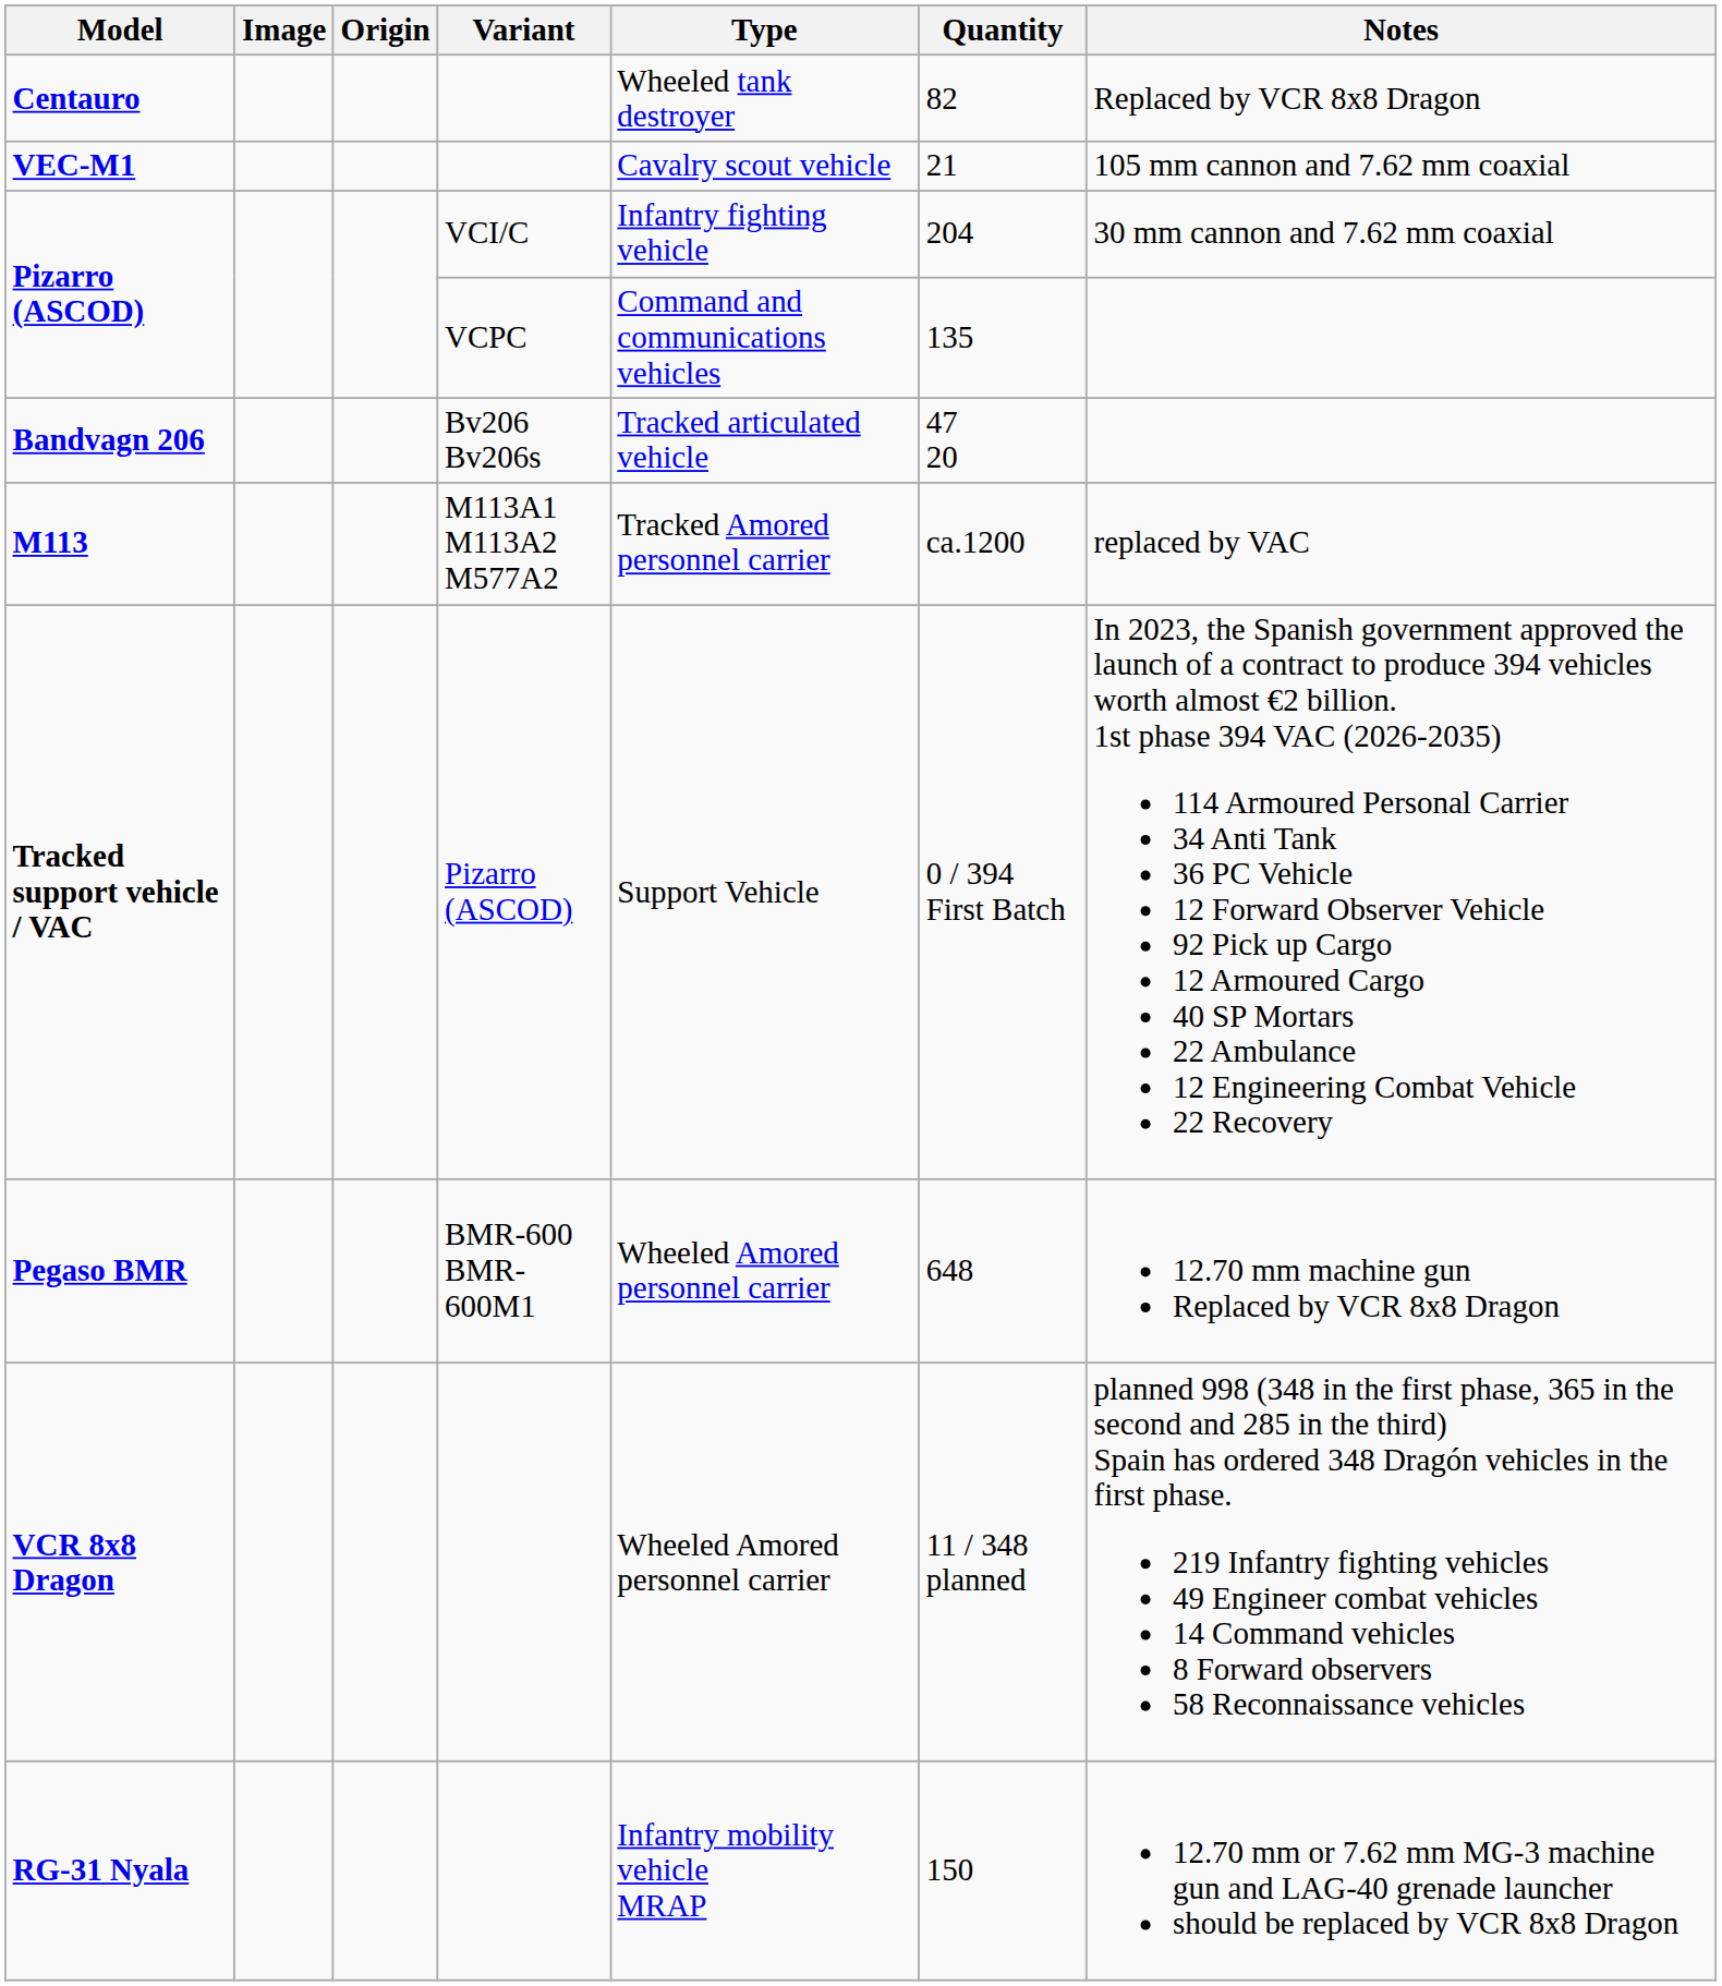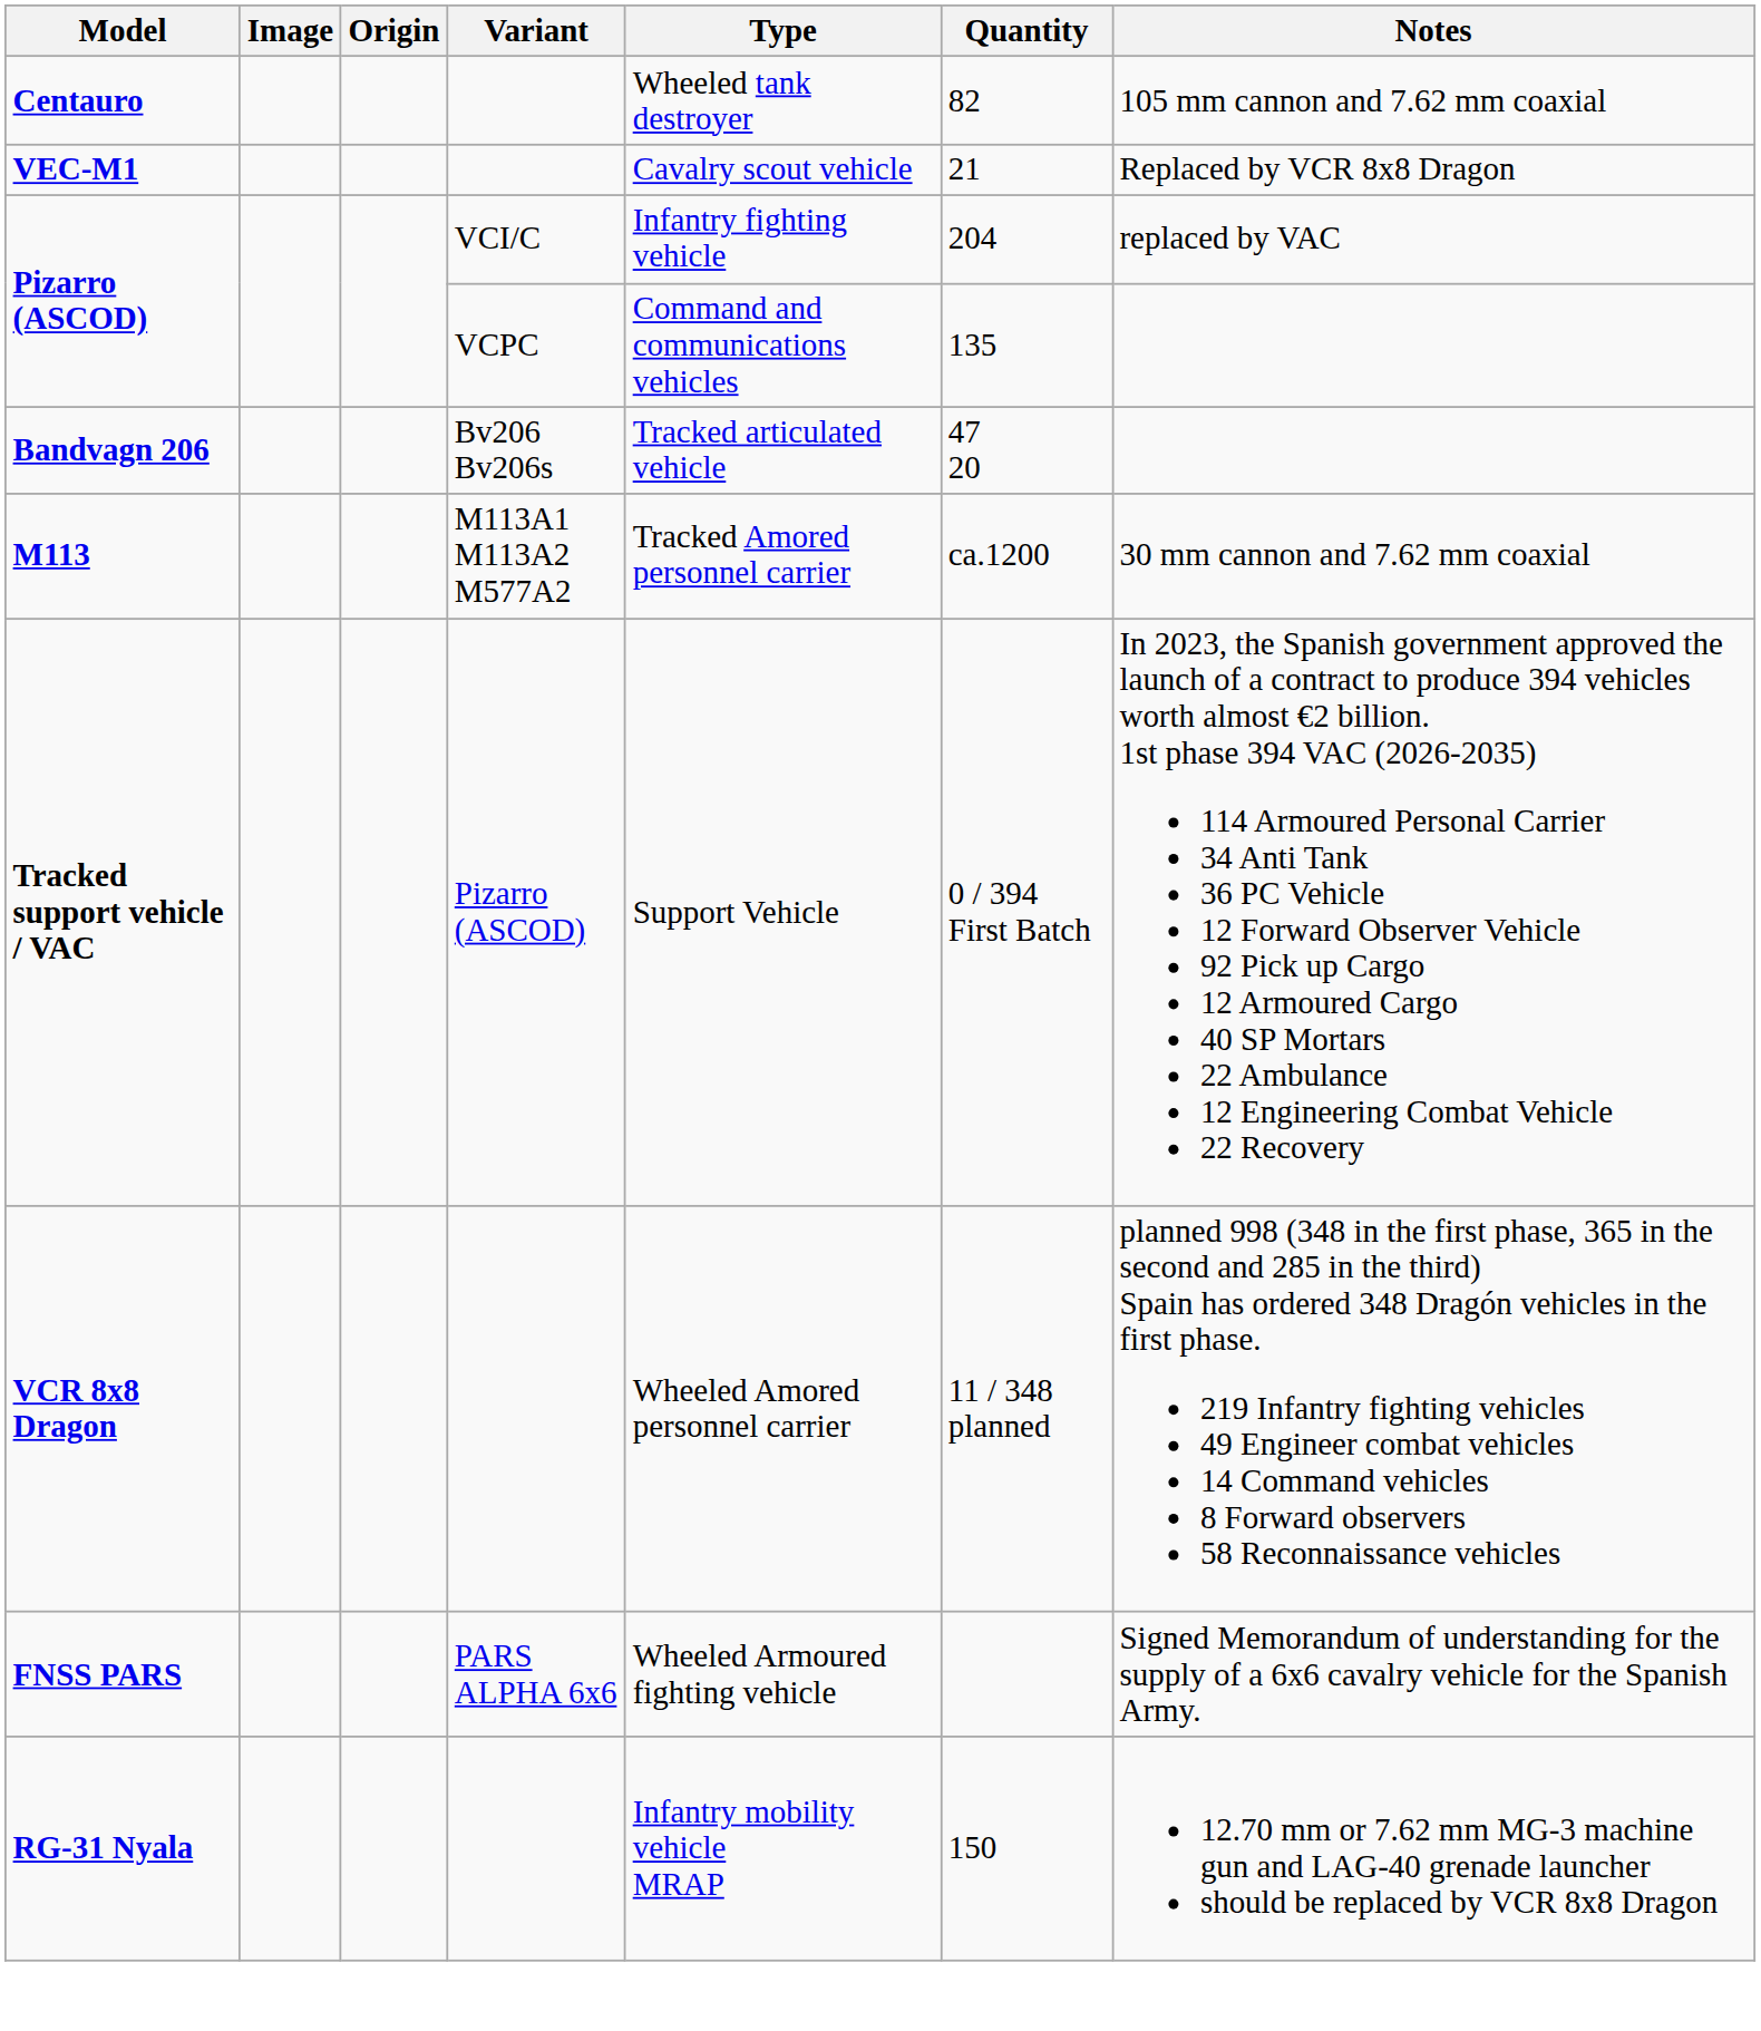 <table class="wikitable">
 <tr>
 <th>Model</th>
 <th>Image</th>
 <th>Origin</th>
 <th>Variant</th>
 <th>Type</th>
 <th>Quantity</th>
 <th>Notes</th>
 </tr>
 <tr>
 <td><strong><a href='#'>Centauro</a></strong></td>
 <td></td>
 <td></td>
 <td></td>
 <td>Wheeled <a href='#'>tank destroyer</a></td>
 <td>82</td>
-<td>Replaced by VCR 8x8 Dragon</td>
+<td>105 mm cannon and 7.62 mm coaxial</td>
 </tr>
 <tr>
 <td><strong><a href='#'>VEC-M1</a></strong></td>
 <td></td>
 <td></td>
 <td></td>
 <td><a href='#'>Cavalry scout vehicle</a></td>
 <td>21</td>
-<td>105 mm cannon and 7.62 mm coaxial</td>
+<td>Replaced by VCR 8x8 Dragon</td>
 </tr>
 <tr>
 <td rowspan="2"><strong><a href='#'>Pizarro (ASCOD)</a></strong></td>
 <td rowspan="2"></td>
 <td rowspan="2"><br></td>
 <td>VCI/C</td>
 <td><a href='#'>Infantry fighting vehicle</a></td>
 <td>204</td>
-<td>30 mm cannon and 7.62 mm coaxial</td>
+<td>replaced by VAC</td>
 </tr>
 <tr>
 <td>VCPC</td>
 <td><a href='#'>Command and communications vehicles</a></td>
 <td>135</td>
 <td></td>
 </tr>
 <tr>
 <td><strong><a href='#'>Bandvagn 206</a></strong></td>
 <td></td>
 <td></td>
 <td>Bv206<br>Bv206s</td>
 <td><a href='#'>Tracked articulated vehicle</a></td>
 <td>47<br>20</td>
 <td></td>
 </tr>
 <tr>
 <td><strong><a href='#'>M113</a></strong></td>
 <td></td>
 <td></td>
 <td>M113A1<br>M113A2 M577A2</td>
 <td>Tracked <a href='#'>Amored personnel carrier</a></td>
 <td>ca.1200</td>
-<td>replaced by VAC</td>
+<td>30 mm cannon and 7.62 mm coaxial</td>
 </tr>
 <tr>
 <td><strong>Tracked support vehicle / VAC</strong></td>
 <td></td>
 <td></td>
 <td><a href='#'>Pizarro (ASCOD)</a></td>
 <td>Support Vehicle</td>
 <td>0 / 394 First Batch</td>
 <td>In 2023, the Spanish government approved the launch of a contract to produce 394 vehicles worth almost €2 billion.<br>1st phase 394 VAC (2026-2035)<ul><li>114 Armoured Personal Carrier</li><li>34 Anti Tank</li><li>36 PC Vehicle</li><li>12 Forward Observer Vehicle</li><li>92 Pick up Cargo</li><li>12 Armoured Cargo</li><li>40 SP Mortars</li><li>22 Ambulance</li><li>12 Engineering Combat Vehicle</li><li>22 Recovery</li></ul></td>
 </tr>
 <tr>
-<td><strong><a href='#'>Pegaso BMR</a></strong></td>
-<td></td>
-<td></td>
-<td>BMR-600<br>BMR-600M1</td>
-<td>Wheeled <a href='#'>Amored personnel carrier</a></td>
-<td>648</td>
-<td><br><ul><li>12.70 mm machine gun</li><li>Replaced by VCR 8x8 Dragon</li></ul></td>
-</tr>
-<tr>
 <td><strong><a href='#'>VCR 8x8 Dragon</a></strong></td>
 <td></td>
 <td></td>
 <td></td>
 <td>Wheeled Amored personnel carrier</td>
 <td>11 / 348 planned</td>
 <td>planned 998 (348 in the first phase, 365 in the second and 285 in the third)<br>Spain has ordered 348 Dragón vehicles in the first phase.<ul><li>219 Infantry fighting vehicles</li><li>49 Engineer combat vehicles</li><li>14 Command vehicles</li><li>8 Forward observers</li><li>58 Reconnaissance vehicles</li></ul></td>
+</tr>
+<tr>
+<td><strong><a href='#'>FNSS PARS</a></strong></td>
+<td></td>
+<td></td>
+<td><a href='#'>PARS ALPHA 6x6</a></td>
+<td>Wheeled Armoured fighting vehicle</td>
+<td></td>
+<td>Signed Memorandum of understanding for the supply of a 6x6 cavalry vehicle for the Spanish Army.</td>
 </tr>
 <tr>
 <td><strong><a href='#'>RG-31 Nyala</a></strong></td>
 <td></td>
 <td></td>
 <td></td>
 <td><a href='#'>Infantry mobility vehicle</a><br><a href='#'>MRAP</a></td>
 <td>150</td>
 <td><br><ul><li>12.70 mm or 7.62 mm MG-3 machine gun and LAG-40 grenade launcher</li><li>should be replaced by VCR 8x8 Dragon</li></ul></td>
 </tr>
 </table>
